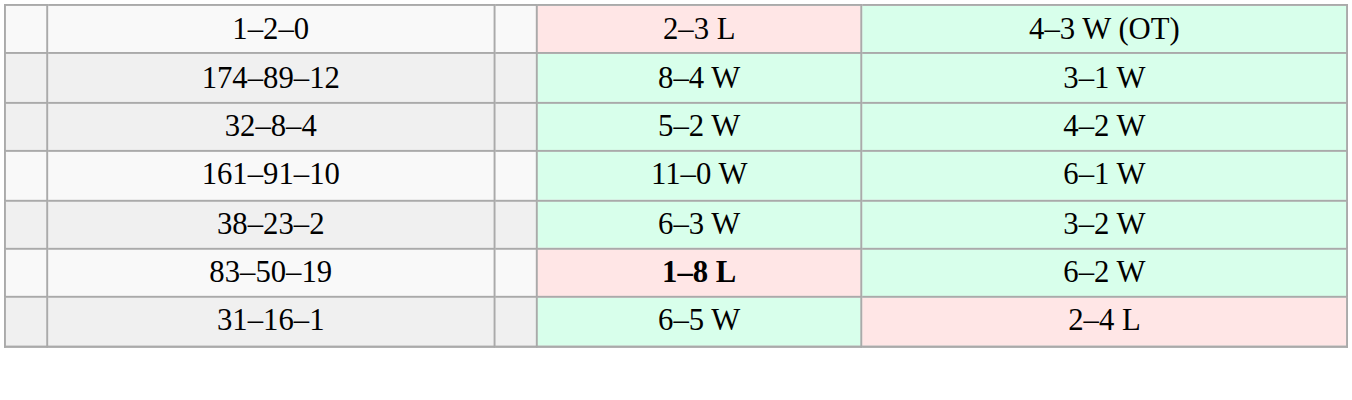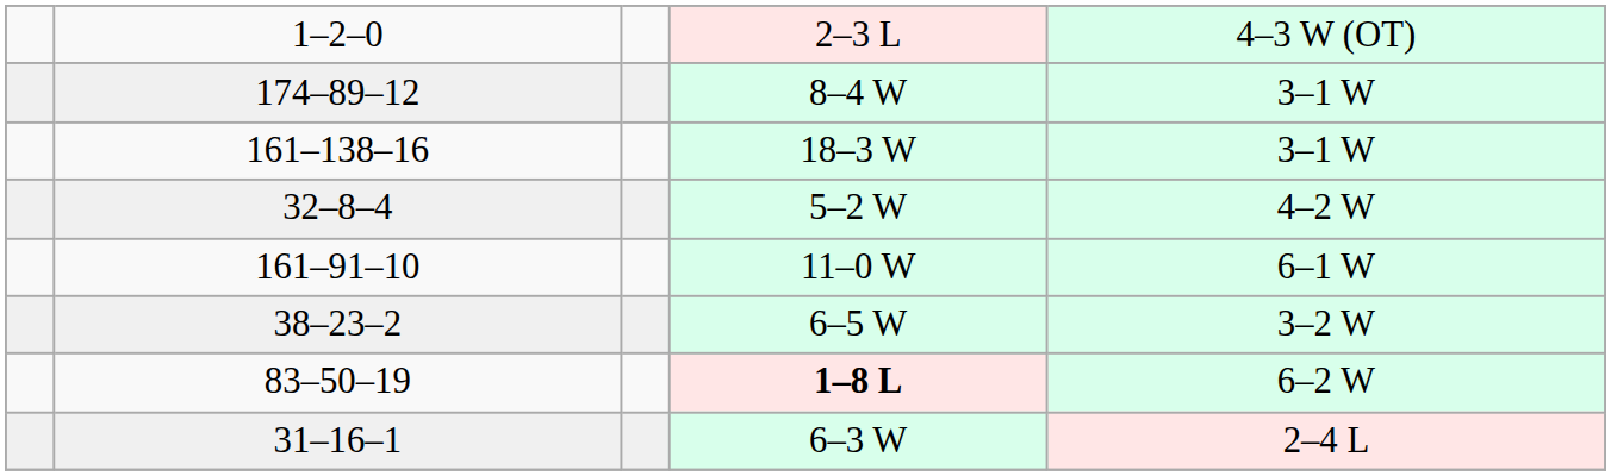 <table class="wikitable" width=700>
 <tr align="center">
 <td><strong><a href='#'></a></strong></td>
 <td>1–2–0</td>
 <td></td>
 <td bgcolor=FFE6E6>2–3 L</td>
 <td bgcolor=D8FFEB>4–3 W (OT)</td>
 </tr>
 <tr align="center" bgcolor="#f0f0f0">
 <td><strong><a href='#'></a></strong></td>
 <td>174–89–12</td>
 <td></td>
 <td bgcolor=D8FFEB>8–4 W</td>
+<td bgcolor=D8FFEB>3–1 W</td>
+</tr>
+<tr align="center">
+<td><strong><a href='#'></a></strong></td>
+<td>161–138–16</td>
+<td></td>
+<td bgcolor=D8FFEB>18–3 W</td>
 <td bgcolor=D8FFEB>3–1 W</td>
 </tr>
 <tr align="center" bgcolor="#f0f0f0">
 <td><strong><a href='#'></a></strong></td>
 <td>32–8–4</td>
 <td></td>
 <td bgcolor=D8FFEB>5–2 W</td>
 <td bgcolor=D8FFEB>4–2 W</td>
 </tr>
 <tr align="center">
 <td><strong><a href='#'></a></strong></td>
 <td>161–91–10</td>
 <td></td>
 <td bgcolor=D8FFEB>11–0 W</td>
 <td bgcolor=D8FFEB>6–1 W</td>
 </tr>
 <tr align="center" bgcolor="#f0f0f0">
 <td><strong><a href='#'></a></strong></td>
 <td>38–23–2</td>
 <td></td>
-<td bgcolor=D8FFEB>6–3 W</td>
+<td bgcolor=D8FFEB>6–5 W</td>
 <td bgcolor=D8FFEB>3–2 W</td>
 </tr>
 <tr align="center">
 <td><strong><a href='#'></a></strong></td>
 <td>83–50–19</td>
 <td></td>
 <td bgcolor=FFE6E6><strong>1–8 L</strong></td>
 <td bgcolor=D8FFEB>6–2 W</td>
 </tr>
 <tr align="center" bgcolor="#f0f0f0">
 <td><strong><a href='#'></a></strong></td>
 <td>31–16–1</td>
 <td></td>
-<td bgcolor=D8FFEB>6–5 W</td>
+<td bgcolor=D8FFEB>6–3 W</td>
 <td bgcolor=FFE6E6>2–4 L</td>
 </tr>
 <tr>
 </tr>
 </table>
